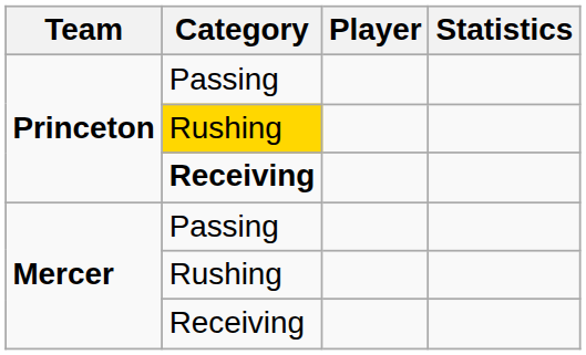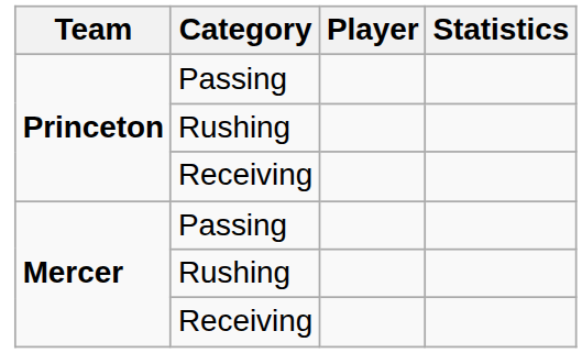 <table class="wikitable" style="float: right;">
 <tr>
 <th>Team</th>
 <th>Category</th>
 <th>Player</th>
 <th>Statistics</th>
 </tr>
 <tr>
 <td rowspan=3><strong>Princeton</strong></td>
 <td>Passing</td>
 <td></td>
 <td></td>
 </tr>
 <tr>
-<td style="background: gold;">Rushing</td>
+<td>Rushing</td>
 <td></td>
 <td></td>
 </tr>
 <tr>
-<td><strong>Receiving</strong></td>
+<td>Receiving</td>
 <td></td>
 <td></td>
 </tr>
 <tr>
 <td rowspan=3><strong>Mercer</strong></td>
 <td>Passing</td>
 <td></td>
 <td></td>
 </tr>
 <tr>
 <td>Rushing</td>
 <td></td>
 <td></td>
 </tr>
 <tr>
 <td>Receiving</td>
 <td></td>
 <td></td>
 </tr>
 </table>
